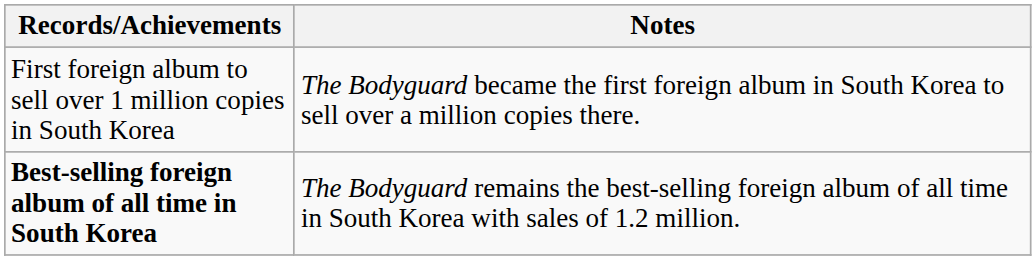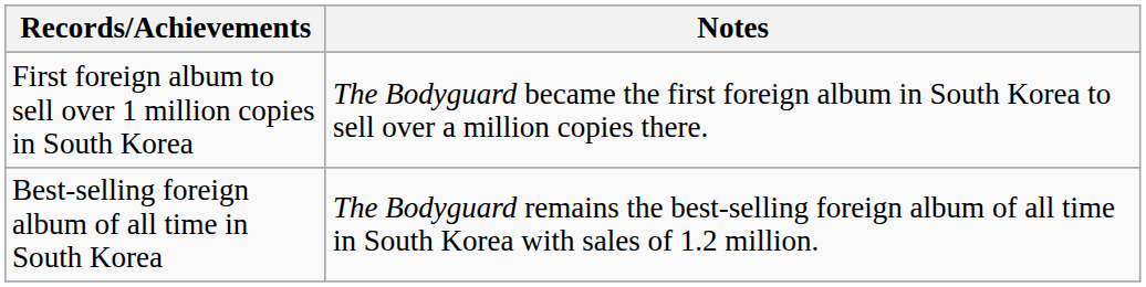 <table class="wikitable sortable plainrowheaders">
 <tr>
 <th scope="col" width=20%>Records/Achievements</th>
 <th scope="col" width=67%>Notes</th>
 </tr>
 <tr>
 <td>First foreign album to sell over 1 million copies in South Korea</td>
 <td><em>The Bodyguard</em> became the first foreign album in South Korea to sell over a million copies there.</td>
 </tr>
 <tr>
-<td><strong>Best-selling foreign album of all time in South Korea</strong></td>
+<td>Best-selling foreign album of all time in South Korea</td>
 <td><em>The Bodyguard</em> remains the best-selling foreign album of all time in South Korea with sales of 1.2 million.</td>
 </tr>
 </table>
